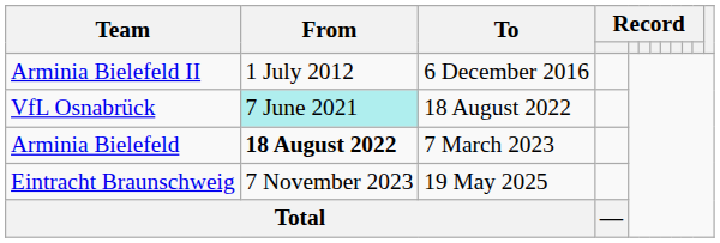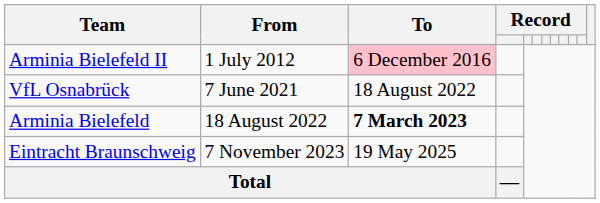 <table class="wikitable" style="text-align: center">
 <tr>
 <th rowspan="2">Team</th>
 <th rowspan="2">From</th>
 <th rowspan="2">To</th>
 <th colspan="8">Record</th>
 <th rowspan=2></th>
 </tr>
 <tr>
 <th></th>
 <th></th>
 <th></th>
 <th></th>
 <th></th>
 <th></th>
 <th></th>
 <th></th>
 </tr>
 <tr>
 <td align=left><a href='#'>Arminia Bielefeld II</a></td>
 <td align=left>1 July 2012</td>
-<td align=left>6 December 2016<br></td>
+<td align=left style="background: pink;">6 December 2016<br></td>
 <td></td>
 </tr>
 <tr>
 <td align=left><a href='#'>VfL Osnabrück</a></td>
-<td align=left style="background: paleturquoise;">7 June 2021</td>
+<td align=left>7 June 2021</td>
 <td align=left>18 August 2022<br></td>
 <td></td>
 </tr>
 <tr>
 <td align=left><a href='#'>Arminia Bielefeld</a></td>
-<td align=left><strong>18 August 2022</strong></td>
-<td align=left>7 March 2023<br></td>
+<td align=left>18 August 2022</td>
+<td align=left><strong>7 March 2023<br></strong></td>
 <td></td>
 </tr>
 <tr>
 <td align=left><a href='#'>Eintracht Braunschweig</a></td>
 <td align=left>7 November 2023</td>
 <td align=left>19 May 2025<br></td>
 <td></td>
 </tr>
 <tr>
 <th colspan="3">Total<br></th>
 <th>—</th>
 </tr>
 </table>
